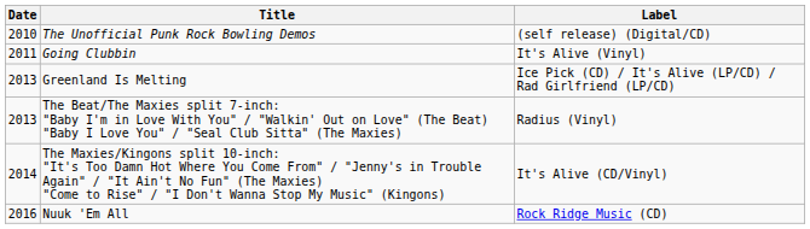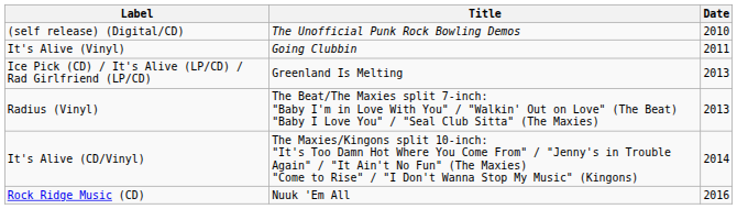 <table class="wikitable">
 <tr>
+<th>Label</th>
+<th>Title</th>
 <th>Date</th>
-<th>Title</th>
-<th>Label</th>
 </tr>
 <tr>
+<td>(self release) (Digital/CD)</td>
+<td><em>The Unofficial Punk Rock Bowling Demos</em></td>
 <td>2010</td>
-<td><em>The Unofficial Punk Rock Bowling Demos</em></td>
-<td>(self release) (Digital/CD)</td>
 </tr>
 <tr>
+<td>It's Alive (Vinyl)</td>
+<td><em>Going Clubbin<strong></td>
 <td>2011</td>
-<td><em>Going Clubbin<strong></td>
-<td>It's Alive (Vinyl)</td>
 </tr>
 <tr>
+<td>Ice Pick (CD) / It's Alive (LP/CD) / Rad Girlfriend (LP/CD)</td>
+<td></em>Greenland Is Melting<em></td>
 <td>2013</td>
-<td></em>Greenland Is Melting<em></td>
-<td>Ice Pick (CD) / It's Alive (LP/CD) / Rad Girlfriend (LP/CD)</td>
 </tr>
 <tr>
+<td>Radius (Vinyl)</td>
+<td>The Beat/The Maxies split 7-inch:<br>"Baby I'm in Love With You" / "Walkin' Out on Love" (The Beat)<br> "Baby I Love You" / "Seal Club Sitta" (The Maxies)</td>
 <td>2013</td>
-<td>The Beat/The Maxies split 7-inch:<br>"Baby I'm in Love With You" / "Walkin' Out on Love" (The Beat)<br> "Baby I Love You" / "Seal Club Sitta" (The Maxies)</td>
-<td>Radius (Vinyl)</td>
 </tr>
 <tr>
+<td>It's Alive (CD/Vinyl)</td>
+<td>The Maxies/Kingons split 10-inch:<br>"It's Too Damn Hot Where You Come From" / "Jenny's in Trouble Again" / "It Ain't No Fun" (The Maxies)<br> "Come to Rise" / "I Don't Wanna Stop My Music" (Kingons)</td>
 <td>2014</td>
-<td>The Maxies/Kingons split 10-inch:<br>"It's Too Damn Hot Where You Come From" / "Jenny's in Trouble Again" / "It Ain't No Fun" (The Maxies)<br> "Come to Rise" / "I Don't Wanna Stop My Music" (Kingons)</td>
-<td>It's Alive (CD/Vinyl)</td>
 </tr>
 <tr>
+<td><a href='#'>Rock Ridge Music</a> (CD)</td>
+<td></em>Nuuk 'Em All<em></td>
 <td>2016</td>
-<td></em>Nuuk 'Em All<em></td>
-<td><a href='#'>Rock Ridge Music</a> (CD)</td>
 </tr>
 </table>
